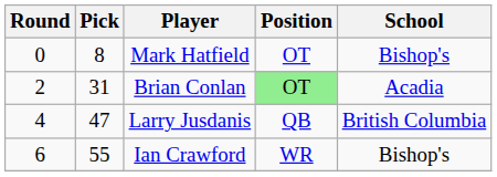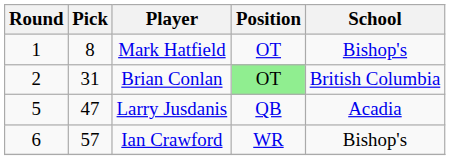 <table class="wikitable">
 <tr>
 <th scope="col">Round</th>
 <th scope="col">Pick</th>
 <th scope="col">Player</th>
 <th scope="col">Position</th>
 <th scope="col">School</th>
 </tr>
 <tr align="center">
-<td align=center>0</td>
+<td align=center>1</td>
 <td>8</td>
 <td><a href='#'>Mark Hatfield</a></td>
 <td><a href='#'>OT</a></td>
 <td><a href='#'>Bishop's</a></td>
 </tr>
 <tr align="center">
 <td align=center>2</td>
 <td>31</td>
 <td><a href='#'>Brian Conlan</a></td>
 <td style="background: lightgreen;">OT</td>
+<td><a href='#'>British Columbia</a></td>
+</tr>
+<tr align="center">
+<td align=center>5</td>
+<td>47</td>
+<td><a href='#'>Larry Jusdanis</a></td>
+<td><a href='#'>QB</a></td>
 <td><a href='#'>Acadia</a></td>
 </tr>
 <tr align="center">
-<td align=center>4</td>
-<td>47</td>
-<td><a href='#'>Larry Jusdanis</a></td>
-<td><a href='#'>QB</a></td>
-<td><a href='#'>British Columbia</a></td>
-</tr>
-<tr align="center">
 <td align=center>6</td>
-<td>55</td>
+<td>57</td>
 <td><a href='#'>Ian Crawford</a></td>
 <td><a href='#'>WR</a></td>
 <td>Bishop's</td>
 </tr>
 <tr>
 </tr>
 </table>
